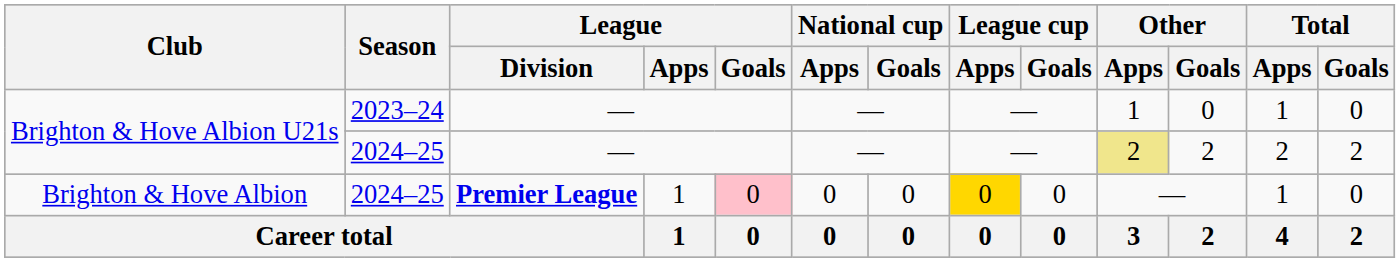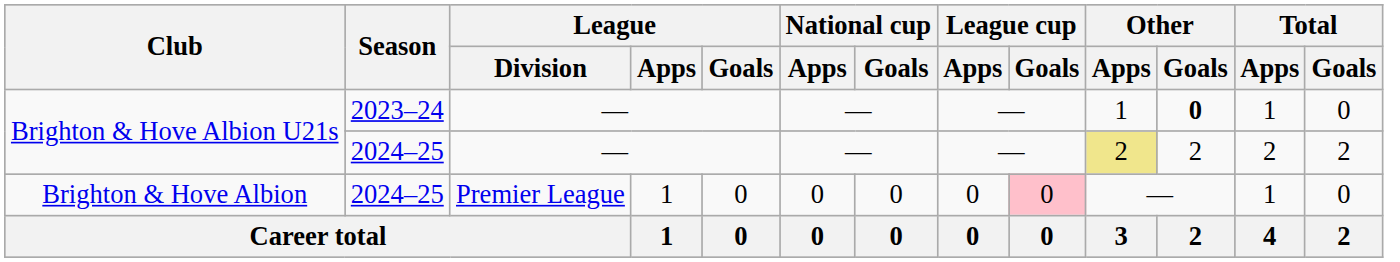 <table class=wikitable style="text-align: center">
 <tr>
 <th rowspan="2">Club</th>
 <th rowspan="2">Season</th>
 <th colspan="3">League</th>
 <th colspan="2">National cup</th>
 <th colspan="2">League cup</th>
 <th colspan="2">Other</th>
 <th colspan="2">Total</th>
 </tr>
 <tr>
 <th>Division</th>
 <th>Apps</th>
 <th>Goals</th>
 <th>Apps</th>
 <th>Goals</th>
 <th>Apps</th>
 <th>Goals</th>
 <th>Apps</th>
 <th>Goals</th>
 <th>Apps</th>
 <th>Goals</th>
 </tr>
 <tr>
 <td rowspan="2"><a href='#'>Brighton & Hove Albion U21s</a></td>
 <td><a href='#'>2023–24</a></td>
 <td colspan="3">—</td>
 <td colspan="2">—</td>
 <td colspan="2">—</td>
 <td>1</td>
-<td>0</td>
+<td><strong>0</strong></td>
 <td>1</td>
 <td>0</td>
 </tr>
 <tr>
 <td><a href='#'>2024–25</a></td>
 <td colspan="3">—</td>
 <td colspan="2">—</td>
 <td colspan="2">—</td>
 <td style="background: khaki;">2</td>
 <td>2</td>
 <td>2</td>
 <td>2</td>
 </tr>
 <tr>
 <td><a href='#'>Brighton & Hove Albion</a></td>
 <td><a href='#'>2024–25</a></td>
-<td><strong><a href='#'>Premier League</a></strong></td>
+<td><a href='#'>Premier League</a></td>
 <td>1</td>
-<td style="background: pink;">0</td>
 <td>0</td>
 <td>0</td>
-<td style="background: gold;">0</td>
 <td>0</td>
+<td>0</td>
+<td style="background: pink;">0</td>
 <td colspan="2">—</td>
 <td>1</td>
 <td>0</td>
 </tr>
 <tr>
 <th colspan="3">Career total</th>
 <th>1</th>
 <th>0</th>
 <th>0</th>
 <th>0</th>
 <th>0</th>
 <th>0</th>
 <th>3</th>
 <th>2</th>
 <th>4</th>
 <th>2</th>
 </tr>
 </table>
